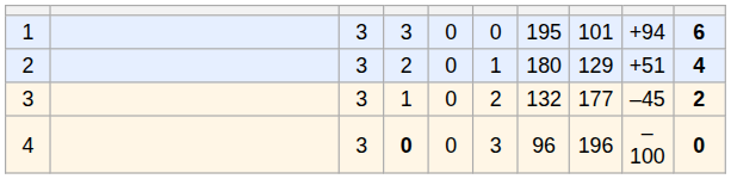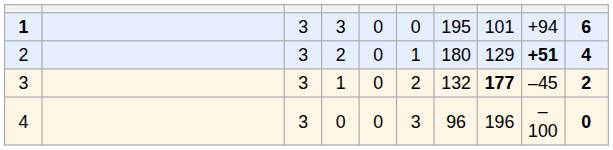 <table class="wikitable" style="text-align:center; font-size:95%">
 <tr>
 <th width="25"></th>
 <th width="200"></th>
 <th width="25"></th>
 <th width="25"></th>
 <th width="25"></th>
 <th width="25"></th>
 <th width="30"></th>
 <th width="30"></th>
 <th width="30"></th>
 <th width="30"></th>
 </tr>
 <tr style="background:#e6efff">
-<td>1</td>
+<td><strong>1</strong></td>
 <td style="text-align:left"></td>
 <td>3</td>
 <td>3</td>
 <td>0</td>
 <td>0</td>
 <td>195</td>
 <td>101</td>
 <td>+94</td>
 <td><strong>6</strong></td>
 </tr>
 <tr style="background:#e6efff">
 <td>2</td>
 <td style="text-align:left"></td>
 <td>3</td>
 <td>2</td>
 <td>0</td>
 <td>1</td>
 <td>180</td>
 <td>129</td>
-<td>+51</td>
+<td><strong>+51</strong></td>
 <td><strong>4</strong></td>
 </tr>
 <tr style="background:#fff6e6">
 <td>3</td>
 <td style="text-align:left"></td>
 <td>3</td>
 <td>1</td>
 <td>0</td>
 <td>2</td>
 <td>132</td>
-<td>177</td>
+<td><strong>177</strong></td>
 <td>–45</td>
 <td><strong>2</strong></td>
 </tr>
 <tr style="background:#fff6e6">
 <td>4</td>
 <td style="text-align:left"></td>
 <td>3</td>
-<td><strong>0</strong></td>
+<td>0</td>
 <td>0</td>
 <td>3</td>
 <td>96</td>
 <td>196</td>
 <td>–100</td>
 <td><strong>0</strong></td>
 </tr>
 </table>
